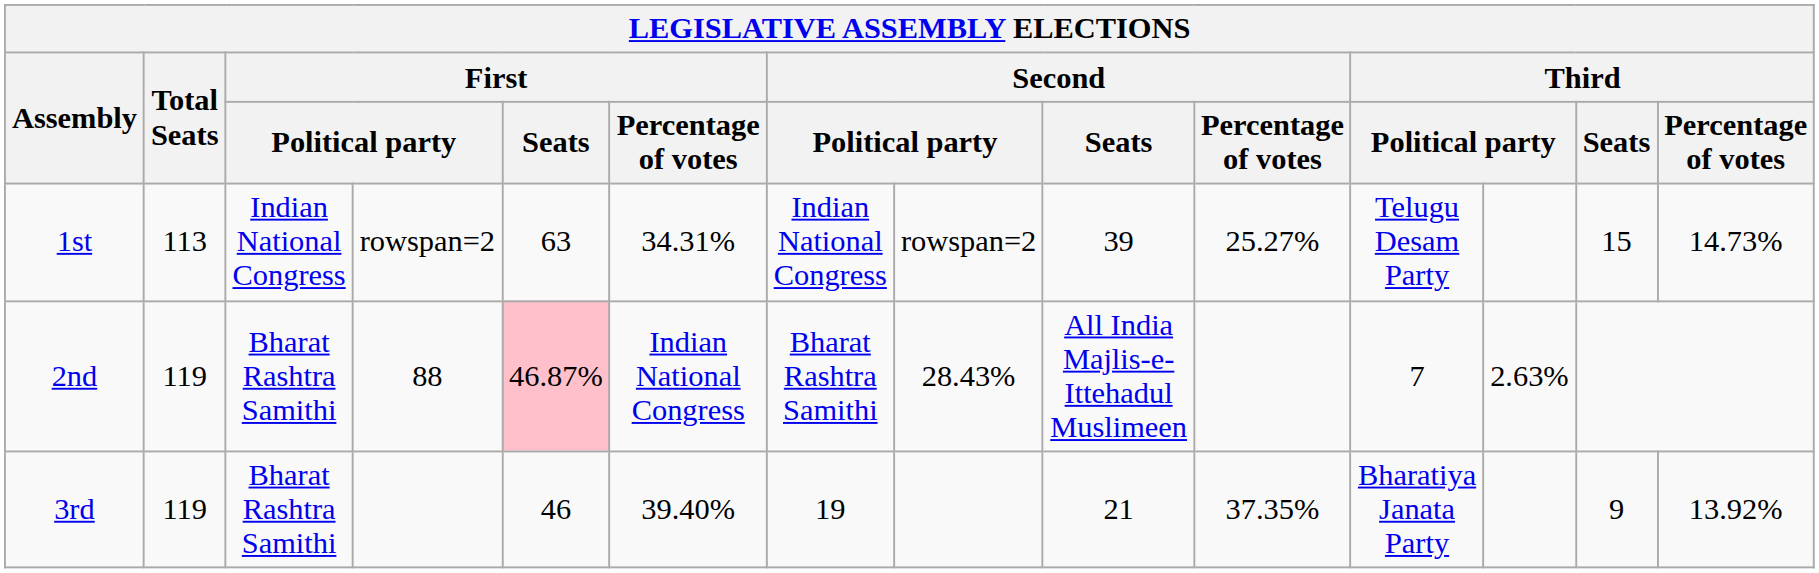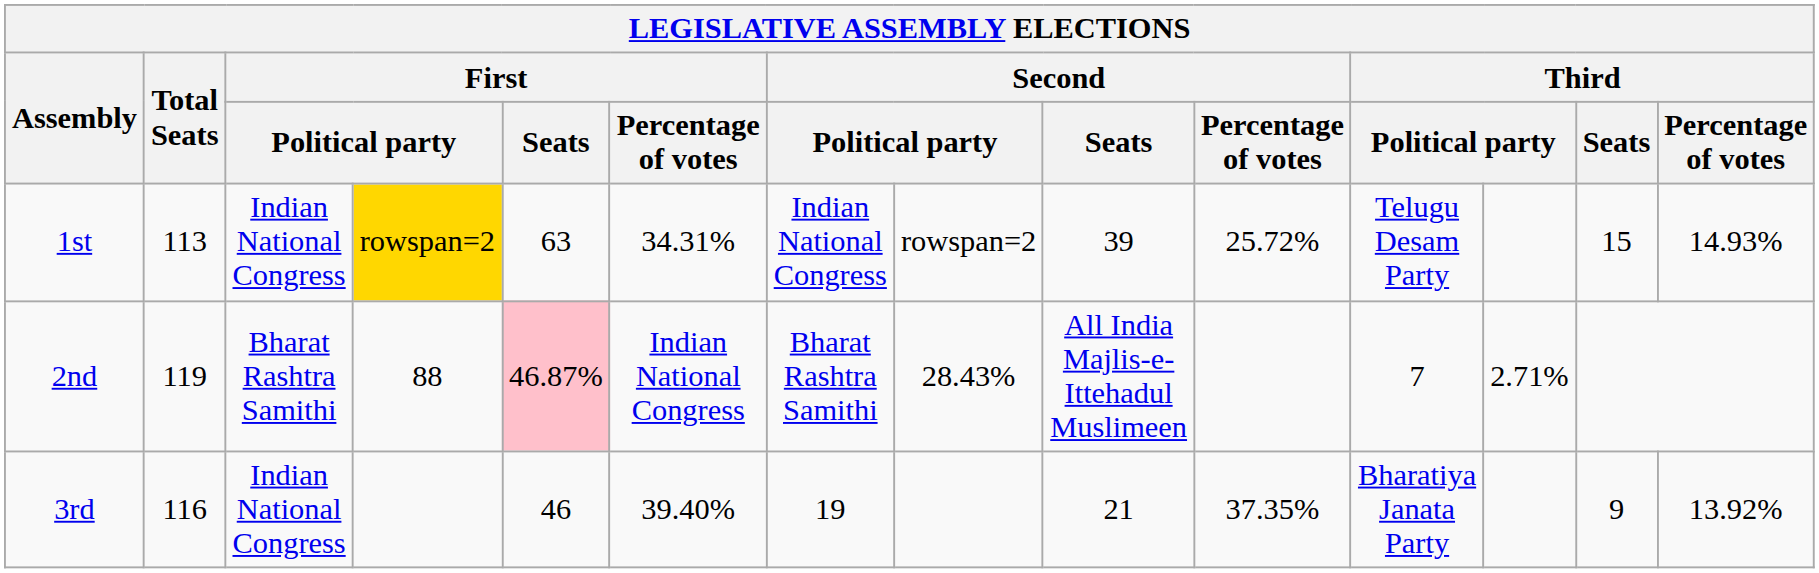 <table class="wikitable" style="text-align:center;">
 <tr>
 <th colspan=14><a href='#'>LEGISLATIVE ASSEMBLY</a> ELECTIONS</th>
 </tr>
 <tr>
 <th rowspan=2>Assembly<br></th>
 <th rowspan=2>Total Seats</th>
 <th colspan=4>First</th>
 <th colspan=4>Second</th>
 <th colspan=4>Third</th>
 </tr>
 <tr>
 <th colspan=2>Political party</th>
 <th>Seats</th>
 <th>Percentage of votes</th>
 <th colspan=2>Political party</th>
 <th>Seats</th>
 <th>Percentage of votes</th>
 <th colspan=2>Political party</th>
 <th>Seats</th>
 <th>Percentage of votes</th>
 </tr>
 <tr>
 <td><a href='#'>1st</a><br></td>
 <td>113</td>
 <td><a href='#'>Indian National Congress</a></td>
-<td>rowspan=2 </td>
+<td style="background: gold;">rowspan=2 </td>
 <td>63</td>
 <td>34.31%</td>
 <td><a href='#'>Indian National Congress</a></td>
 <td>rowspan=2 </td>
 <td>39</td>
-<td>25.27%</td>
+<td>25.72%</td>
 <td><a href='#'>Telugu Desam Party</a></td>
 <td></td>
 <td>15</td>
-<td>14.73%</td>
+<td>14.93%</td>
 </tr>
 <tr>
 <td><a href='#'>2nd</a><br></td>
 <td>119</td>
 <td><a href='#'>Bharat Rashtra Samithi</a></td>
 <td>88</td>
 <td style="background: pink;">46.87%</td>
 <td><a href='#'>Indian National Congress</a></td>
 <td><a href='#'>Bharat Rashtra Samithi</a></td>
 <td>28.43%</td>
 <td><a href='#'>All India Majlis-e-Ittehadul Muslimeen</a></td>
 <td></td>
 <td>7</td>
-<td>2.63%</td>
+<td>2.71%</td>
 </tr>
 <tr>
 <td><a href='#'>3rd</a><br></td>
-<td>119</td>
-<td><a href='#'>Bharat Rashtra Samithi</a></td>
+<td>116</td>
+<td><a href='#'>Indian National Congress</a></td>
 <td></td>
 <td>46</td>
 <td>39.40%</td>
 <td>19</td>
 <td></td>
 <td>21</td>
 <td>37.35%</td>
 <td><a href='#'>Bharatiya Janata Party</a></td>
 <td></td>
 <td>9</td>
 <td>13.92%</td>
 </tr>
 </table>
